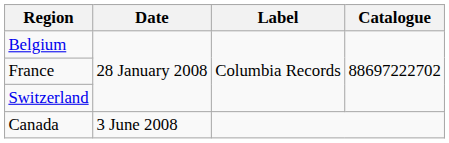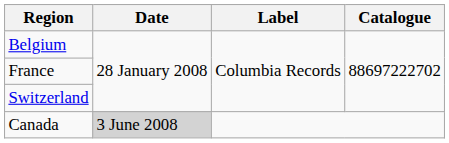 <table class=wikitable>
 <tr>
 <th>Region</th>
 <th>Date</th>
 <th>Label</th>
 <th>Catalogue</th>
 </tr>
 <tr>
 <td><a href='#'>Belgium</a></td>
 <td rowspan=3>28 January 2008</td>
 <td rowspan=3>Columbia Records</td>
 <td rowspan=3>88697222702</td>
 </tr>
 <tr>
 <td>France</td>
 </tr>
 <tr>
 <td><a href='#'>Switzerland</a></td>
 </tr>
 <tr>
 <td>Canada</td>
-<td>3 June 2008</td>
+<td style="background: lightgrey;">3 June 2008</td>
 </tr>
 </table>
